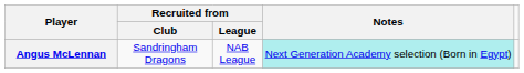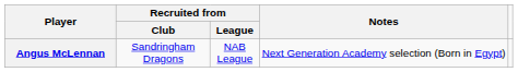 <table class="wikitable sortable plainrowheaders" style="text-align:center;">
 <tr>
 <th rowspan=2 style="width: 120pt">Player</th>
 <th colspan=2>Recruited from</th>
 <th class="unsortable" rowspan=2>Notes</th>
 </tr>
 <tr>
 <th style="width: 100pt">Club</th>
 <th style="width: 50pt">League</th>
 </tr>
 <tr>
 <th scope="row"><a href='#'>Angus McLennan</a></th>
 <td><a href='#'>Sandringham Dragons</a></td>
 <td><a href='#'>NAB League</a></td>
-<td style="background: paleturquoise;"><a href='#'>Next Generation Academy</a> selection (Born in <a href='#'>Egypt</a>)</td>
+<td><a href='#'>Next Generation Academy</a> selection (Born in <a href='#'>Egypt</a>)</td>
 <td></td>
 </tr>
 </table>
